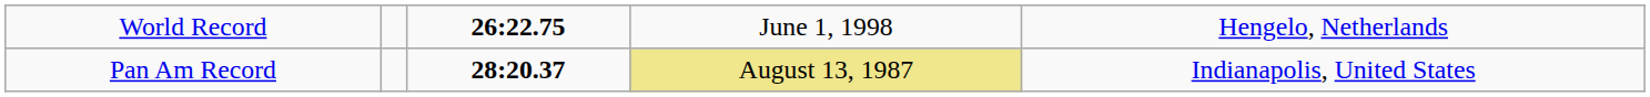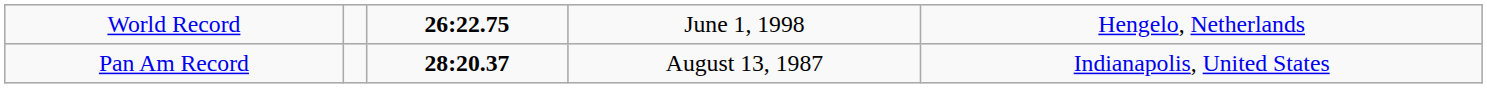 <table class="wikitable" style=" text-align:center; font-size:95%;" width="75%">
 <tr>
 <td><a href='#'>World Record</a></td>
 <td></td>
 <td><strong>26:22.75</strong></td>
 <td>June 1, 1998</td>
 <td> <a href='#'>Hengelo</a>, <a href='#'>Netherlands</a></td>
 </tr>
 <tr>
 <td><a href='#'>Pan Am Record</a></td>
 <td></td>
 <td><strong>28:20.37</strong></td>
-<td style="background: khaki;">August 13, 1987</td>
+<td>August 13, 1987</td>
 <td> <a href='#'>Indianapolis</a>, <a href='#'>United States</a></td>
 </tr>
 </table>
